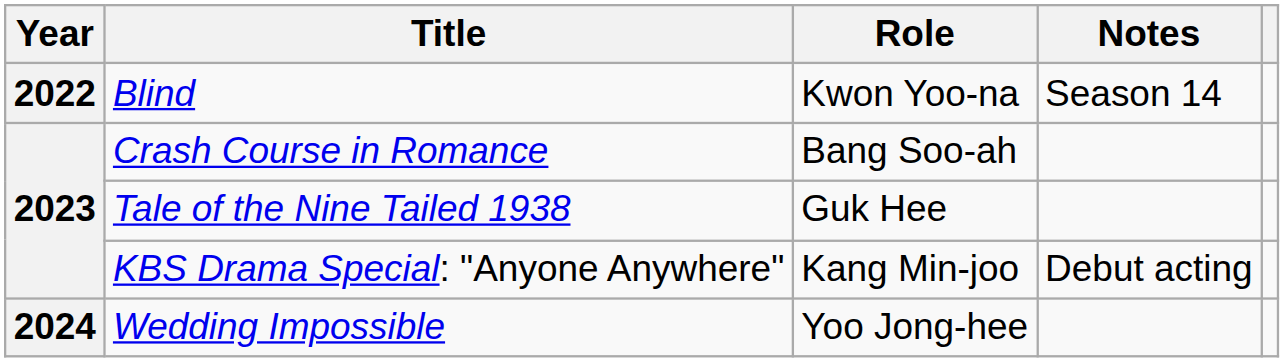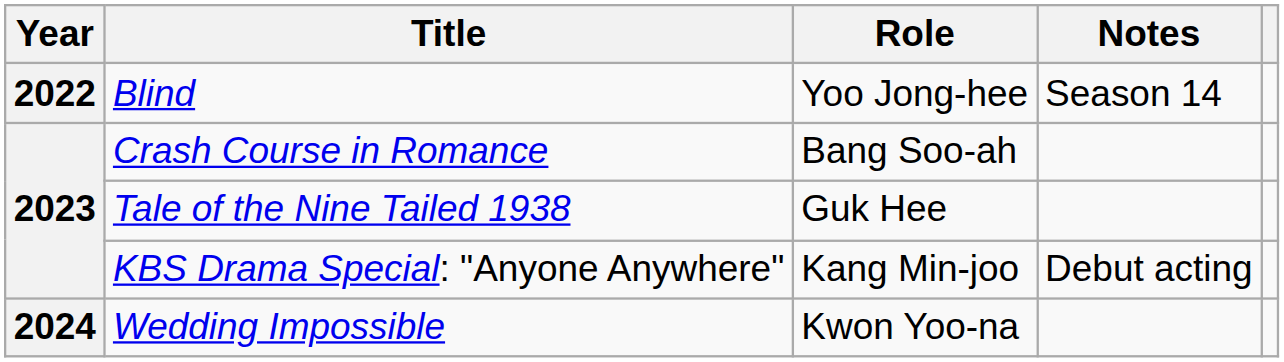 <table class="wikitable plainrowheaders sortable">
 <tr>
 <th scope="col">Year</th>
 <th scope="col">Title</th>
 <th scope="col">Role</th>
 <th scope="col" class="unsortable">Notes</th>
 <th scope="col" class="unsortable"></th>
 </tr>
 <tr>
 <th scope="row">2022</th>
 <td><em><a href='#'>Blind</a></em></td>
-<td>Kwon Yoo-na</td>
+<td>Yoo Jong-hee</td>
 <td>Season 14</td>
 <td style="text-align:center"></td>
 </tr>
 <tr>
 <th scope="row" rowspan="3">2023</th>
 <td><em><a href='#'>Crash Course in Romance</a></em></td>
 <td>Bang Soo-ah</td>
 <td></td>
 <td style="text-align:center"></td>
 </tr>
 <tr>
 <td><em><a href='#'>Tale of the Nine Tailed 1938</a></em></td>
 <td>Guk Hee</td>
 <td></td>
 <td style="text-align:center"></td>
 </tr>
 <tr>
 <td><em><a href='#'>KBS Drama Special</a></em>: "Anyone Anywhere"</td>
 <td>Kang Min-joo</td>
 <td>Debut acting</td>
 <td style="text-align:center"></td>
 </tr>
 <tr>
 <th scope="row">2024</th>
 <td><em><a href='#'>Wedding Impossible</a></em></td>
-<td>Yoo Jong-hee</td>
+<td>Kwon Yoo-na</td>
 <td></td>
 <td style="text-align:center"></td>
 </tr>
 </table>
